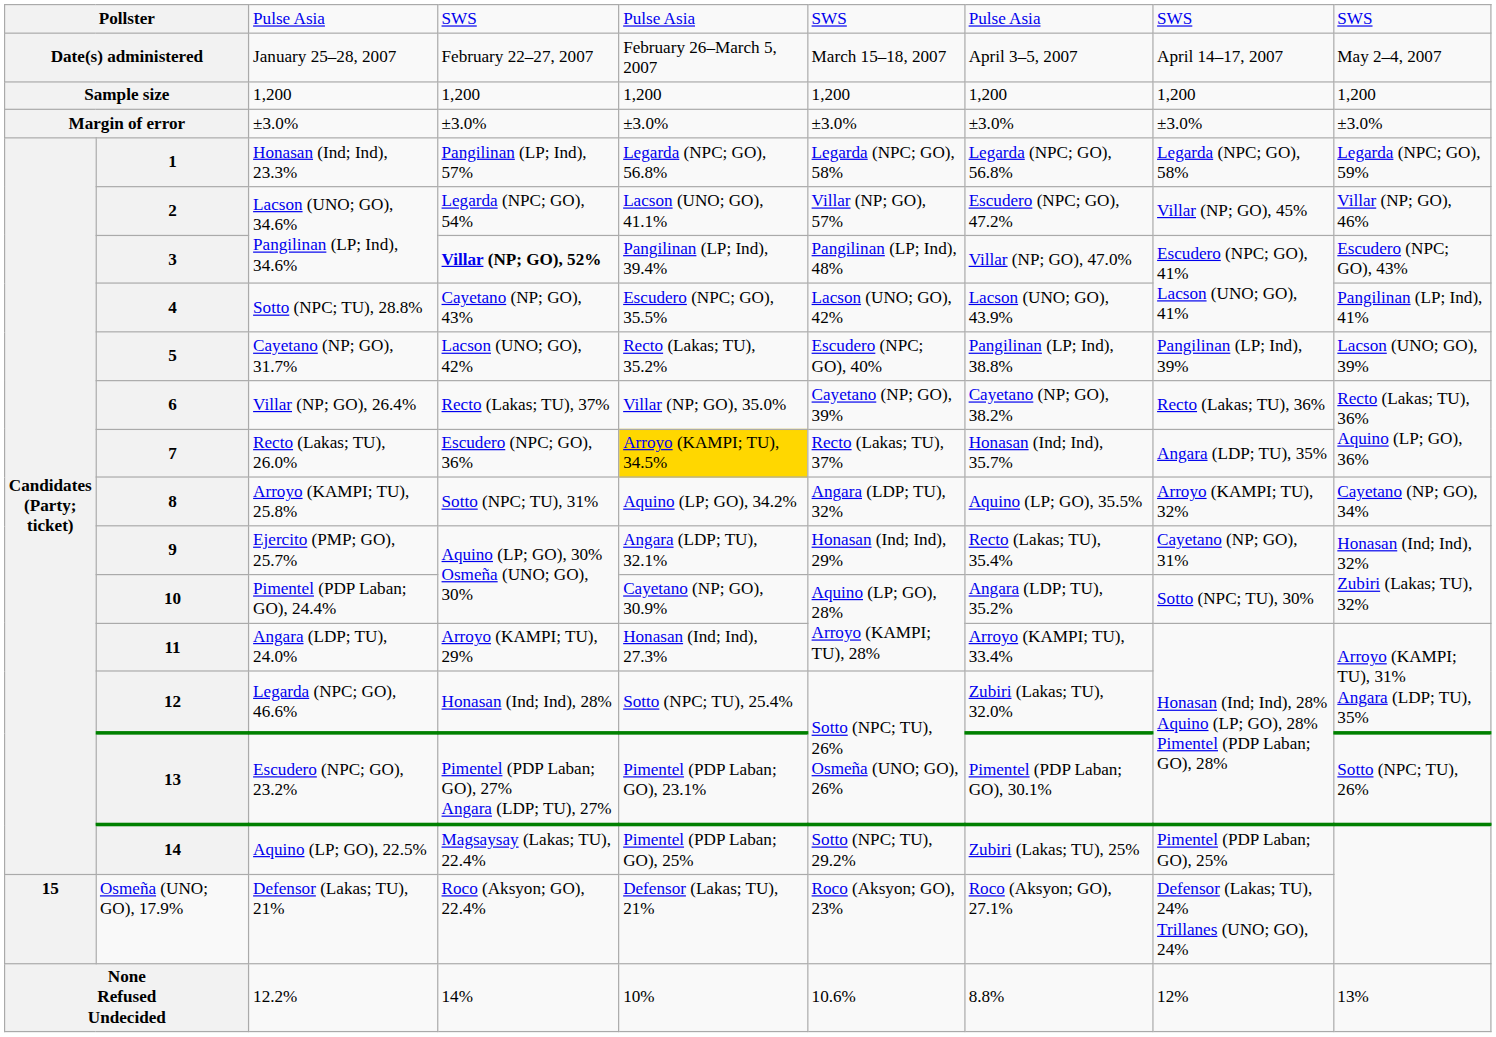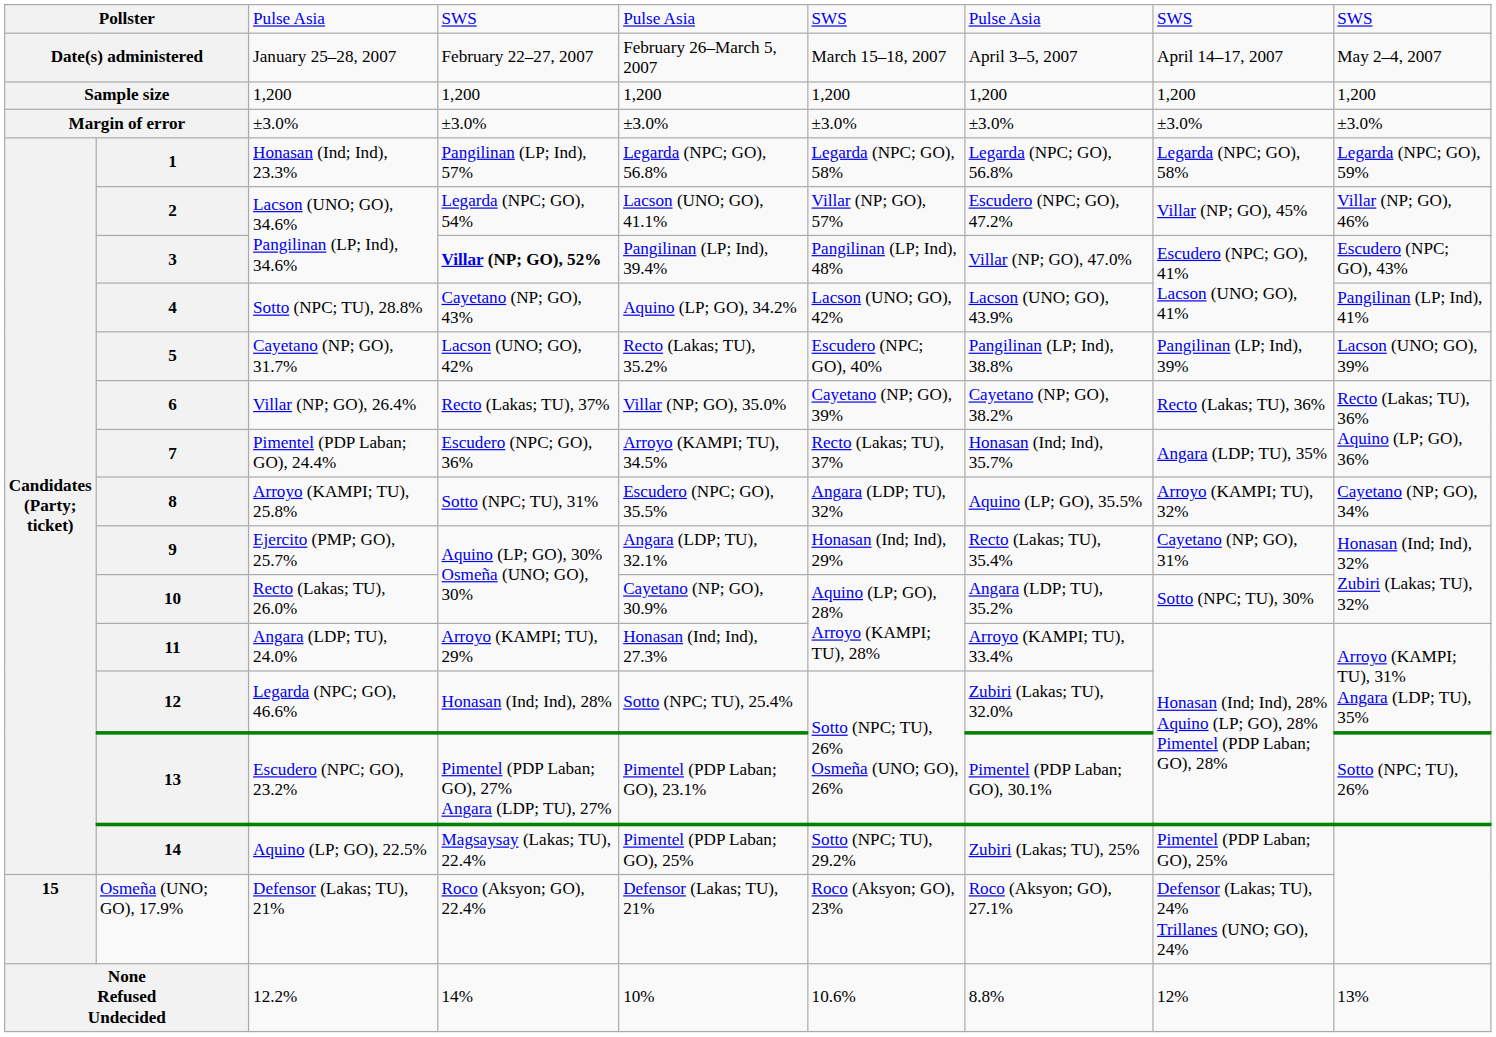 <table class=wikitable style="font-size:90%;">
 <tr>
 <th colspan=2>Pollster</th>
 <td><a href='#'>Pulse Asia</a></td>
 <td><a href='#'>SWS</a></td>
 <td><a href='#'>Pulse Asia</a></td>
 <td><a href='#'>SWS</a></td>
 <td><a href='#'>Pulse Asia</a></td>
 <td><a href='#'>SWS</a></td>
 <td><a href='#'>SWS</a></td>
 </tr>
 <tr>
 <th colspan=2>Date(s) administered</th>
 <td>January 25–28, 2007</td>
 <td>February 22–27, 2007</td>
 <td>February 26–March 5, 2007</td>
 <td>March 15–18, 2007</td>
 <td>April 3–5, 2007</td>
 <td>April 14–17, 2007</td>
 <td>May 2–4, 2007</td>
 </tr>
 <tr>
 <th colspan=2>Sample size</th>
 <td>1,200</td>
 <td>1,200</td>
 <td>1,200</td>
 <td>1,200</td>
 <td>1,200</td>
 <td>1,200</td>
 <td>1,200</td>
 </tr>
 <tr>
 <th colspan=2>Margin of error</th>
 <td>±3.0%</td>
 <td>±3.0%</td>
 <td>±3.0%</td>
 <td>±3.0%</td>
 <td>±3.0%</td>
 <td>±3.0%</td>
 <td>±3.0%</td>
 </tr>
 <tr>
 <th width=70px rowspan=15>Candidates (Party; ticket)</th>
 <th>1</th>
 <td> <a href='#'>Honasan</a> (Ind; Ind), 23.3%</td>
 <td> <a href='#'>Pangilinan</a> (LP; Ind), 57%</td>
 <td> <a href='#'>Legarda</a> (NPC; GO), 56.8%</td>
 <td> <a href='#'>Legarda</a> (NPC; GO), 58%</td>
 <td> <a href='#'>Legarda</a> (NPC; GO), 56.8%</td>
 <td> <a href='#'>Legarda</a> (NPC; GO), 58%</td>
 <td> <a href='#'>Legarda</a> (NPC; GO), 59%</td>
 </tr>
 <tr>
 <th>2</th>
 <td rowspan=2> <a href='#'>Lacson</a> (UNO; GO), 34.6%<br> <a href='#'>Pangilinan</a> (LP; Ind), 34.6%</td>
 <td> <a href='#'>Legarda</a> (NPC; GO), 54%</td>
 <td> <a href='#'>Lacson</a> (UNO; GO), 41.1%</td>
 <td> <a href='#'>Villar</a> (NP; GO), 57%</td>
 <td> <a href='#'>Escudero</a> (NPC; GO), 47.2%</td>
 <td> <a href='#'>Villar</a> (NP; GO), 45%</td>
 <td> <a href='#'>Villar</a> (NP; GO), 46%</td>
 </tr>
 <tr>
 <th>3<br></th>
 <td><strong> <a href='#'>Villar</a> (NP; GO), 52%</strong></td>
 <td> <a href='#'>Pangilinan</a> (LP; Ind), 39.4%</td>
 <td> <a href='#'>Pangilinan</a> (LP; Ind), 48%</td>
 <td> <a href='#'>Villar</a> (NP; GO), 47.0%</td>
 <td rowspan=2> <a href='#'>Escudero</a> (NPC; GO), 41%<br> <a href='#'>Lacson</a> (UNO; GO), 41%</td>
 <td> <a href='#'>Escudero</a> (NPC; GO), 43%</td>
 </tr>
 <tr>
 <th>4</th>
 <td> <a href='#'>Sotto</a> (NPC; TU), 28.8%</td>
 <td> <a href='#'>Cayetano</a> (NP; GO), 43%</td>
-<td> <a href='#'>Escudero</a> (NPC; GO), 35.5%</td>
+<td> <a href='#'>Aquino</a> (LP; GO), 34.2%</td>
 <td> <a href='#'>Lacson</a> (UNO; GO), 42%</td>
 <td> <a href='#'>Lacson</a> (UNO; GO), 43.9%<br></td>
 <td> <a href='#'>Pangilinan</a> (LP; Ind), 41%</td>
 </tr>
 <tr>
 <th>5</th>
 <td> <a href='#'>Cayetano</a> (NP; GO), 31.7%</td>
 <td> <a href='#'>Lacson</a> (UNO; GO), 42%</td>
 <td> <a href='#'>Recto</a> (Lakas; TU), 35.2%</td>
 <td> <a href='#'>Escudero</a> (NPC; GO), 40%</td>
 <td> <a href='#'>Pangilinan</a> (LP; Ind), 38.8%</td>
 <td> <a href='#'>Pangilinan</a> (LP; Ind), 39%</td>
 <td> <a href='#'>Lacson</a> (UNO; GO), 39%</td>
 </tr>
 <tr>
 <th>6</th>
 <td> <a href='#'>Villar</a> (NP; GO), 26.4%</td>
 <td> <a href='#'>Recto</a> (Lakas; TU), 37%</td>
 <td> <a href='#'>Villar</a> (NP; GO), 35.0%</td>
 <td> <a href='#'>Cayetano</a> (NP; GO), 39%</td>
 <td> <a href='#'>Cayetano</a> (NP; GO), 38.2%</td>
 <td> <a href='#'>Recto</a> (Lakas; TU), 36%</td>
 <td rowspan=2> <a href='#'>Recto</a> (Lakas; TU), 36%<br> <a href='#'>Aquino</a> (LP; GO), 36%</td>
 </tr>
 <tr>
 <th>7</th>
-<td> <a href='#'>Recto</a> (Lakas; TU), 26.0%</td>
+<td> <a href='#'>Pimentel</a> (PDP Laban; GO), 24.4%<br></td>
 <td> <a href='#'>Escudero</a> (NPC; GO), 36%</td>
-<td style="background: gold;"> <a href='#'>Arroyo</a> (KAMPI; TU), 34.5%</td>
+<td> <a href='#'>Arroyo</a> (KAMPI; TU), 34.5%</td>
 <td> <a href='#'>Recto</a> (Lakas; TU), 37%</td>
 <td> <a href='#'>Honasan</a> (Ind; Ind), 35.7%</td>
 <td> <a href='#'>Angara</a> (LDP; TU), 35%<br></td>
 </tr>
 <tr>
 <th>8</th>
 <td> <a href='#'>Arroyo</a> (KAMPI; TU), 25.8%</td>
 <td> <a href='#'>Sotto</a> (NPC; TU), 31%</td>
-<td> <a href='#'>Aquino</a> (LP; GO), 34.2%</td>
+<td> <a href='#'>Escudero</a> (NPC; GO), 35.5%</td>
 <td> <a href='#'>Angara</a> (LDP; TU), 32%</td>
 <td> <a href='#'>Aquino</a> (LP; GO), 35.5%</td>
 <td> <a href='#'>Arroyo</a> (KAMPI; TU), 32%</td>
 <td> <a href='#'>Cayetano</a> (NP; GO), 34%</td>
 </tr>
 <tr>
 <th>9</th>
 <td> <a href='#'>Ejercito</a> (PMP; GO), 25.7%</td>
 <td rowspan=2> <a href='#'>Aquino</a> (LP; GO), 30%<br> <a href='#'>Osmeña</a> (UNO; GO), 30%</td>
 <td> <a href='#'>Angara</a> (LDP; TU), 32.1%</td>
 <td> <a href='#'>Honasan</a> (Ind; Ind), 29%</td>
 <td> <a href='#'>Recto</a> (Lakas; TU), 35.4%</td>
 <td> <a href='#'>Cayetano</a> (NP; GO), 31%</td>
 <td rowspan=2> <a href='#'>Honasan</a> (Ind; Ind), 32%<br> <a href='#'>Zubiri</a> (Lakas; TU), 32%</td>
 </tr>
 <tr>
 <th>10</th>
-<td> <a href='#'>Pimentel</a> (PDP Laban; GO), 24.4%<br></td>
+<td> <a href='#'>Recto</a> (Lakas; TU), 26.0%</td>
 <td> <a href='#'>Cayetano</a> (NP; GO), 30.9%</td>
 <td rowspan=2> <a href='#'>Aquino</a> (LP; GO), 28%<br> <a href='#'>Arroyo</a> (KAMPI; TU), 28%</td>
 <td> <a href='#'>Angara</a> (LDP; TU), 35.2%</td>
 <td> <a href='#'>Sotto</a> (NPC; TU), 30%<br></td>
 </tr>
 <tr>
 <th>11</th>
 <td> <a href='#'>Angara</a> (LDP; TU), 24.0%</td>
 <td> <a href='#'>Arroyo</a> (KAMPI; TU), 29%</td>
 <td> <a href='#'>Honasan</a> (Ind; Ind), 27.3%<br></td>
 <td> <a href='#'>Arroyo</a> (KAMPI; TU), 33.4%</td>
 <td rowspan=3><br> <a href='#'>Honasan</a> (Ind; Ind), 28%<br>  <a href='#'>Aquino</a> (LP; GO), 28%<br>  <a href='#'>Pimentel</a> (PDP Laban; GO), 28%</td>
 <td rowspan=2><br> <a href='#'>Arroyo</a> (KAMPI; TU), 31%<br>  <a href='#'>Angara</a> (LDP; TU), 35%</td>
 </tr>
 <tr style="border-bottom:3px solid green;">
 <th>12</th>
 <td> <a href='#'>Legarda</a> (NPC; GO), 46.6%</td>
 <td> <a href='#'>Honasan</a> (Ind; Ind), 28%</td>
 <td> <a href='#'>Sotto</a> (NPC; TU), 25.4%</td>
 <td rowspan=2><br> <a href='#'>Sotto</a> (NPC; TU), 26%<br>  <a href='#'>Osmeña</a> (UNO; GO), 26%</td>
 <td> <a href='#'>Zubiri</a> (Lakas; TU), 32.0%</td>
 </tr>
 <tr>
 <th>13</th>
 <td> <a href='#'>Escudero</a> (NPC; GO), 23.2%</td>
 <td rowspan=2><br> <a href='#'>Pimentel</a> (PDP Laban; GO), 27%<br>  <a href='#'>Angara</a> (LDP; TU), 27%</td>
 <td> <a href='#'>Pimentel</a> (PDP Laban; GO), 23.1%</td>
 <td> <a href='#'>Pimentel</a> (PDP Laban; GO), 30.1%</td>
 <td> <a href='#'>Sotto</a> (NPC; TU), 26%<br></td>
 </tr>
 <tr style="border-bottom:3px solid green;">
 </tr>
 <tr>
 <th>14</th>
 <td> <a href='#'>Aquino</a> (LP; GO), 22.5%</td>
 <td> <a href='#'>Magsaysay</a> (Lakas; TU), 22.4%</td>
 <td> <a href='#'>Pimentel</a> (PDP Laban; GO), 25%</td>
 <td> <a href='#'>Sotto</a> (NPC; TU), 29.2%</td>
 <td> <a href='#'>Zubiri</a> (Lakas; TU), 25%</td>
 <td> <a href='#'>Pimentel</a> (PDP Laban; GO), 25%</td>
 </tr>
 <tr valign="top">
 <th>15</th>
 <td> <a href='#'>Osmeña</a> (UNO; GO), 17.9%</td>
 <td> <a href='#'>Defensor</a> (Lakas; TU), 21%</td>
 <td> <a href='#'>Roco</a> (Aksyon; GO), 22.4%</td>
 <td> <a href='#'>Defensor</a> (Lakas; TU), 21%</td>
 <td> <a href='#'>Roco</a> (Aksyon; GO), 23%</td>
 <td> <a href='#'>Roco</a> (Aksyon; GO), 27.1%</td>
 <td> <a href='#'>Defensor</a> (Lakas; TU), 24%<br> <a href='#'>Trillanes</a> (UNO; GO), 24%</td>
 </tr>
 <tr>
 <th colspan=2>None<br>Refused<br>Undecided</th>
 <td>12.2%</td>
 <td>14%</td>
 <td>10%</td>
 <td>10.6%</td>
 <td>8.8%</td>
 <td>12%</td>
 <td>13%</td>
 </tr>
 </table>
